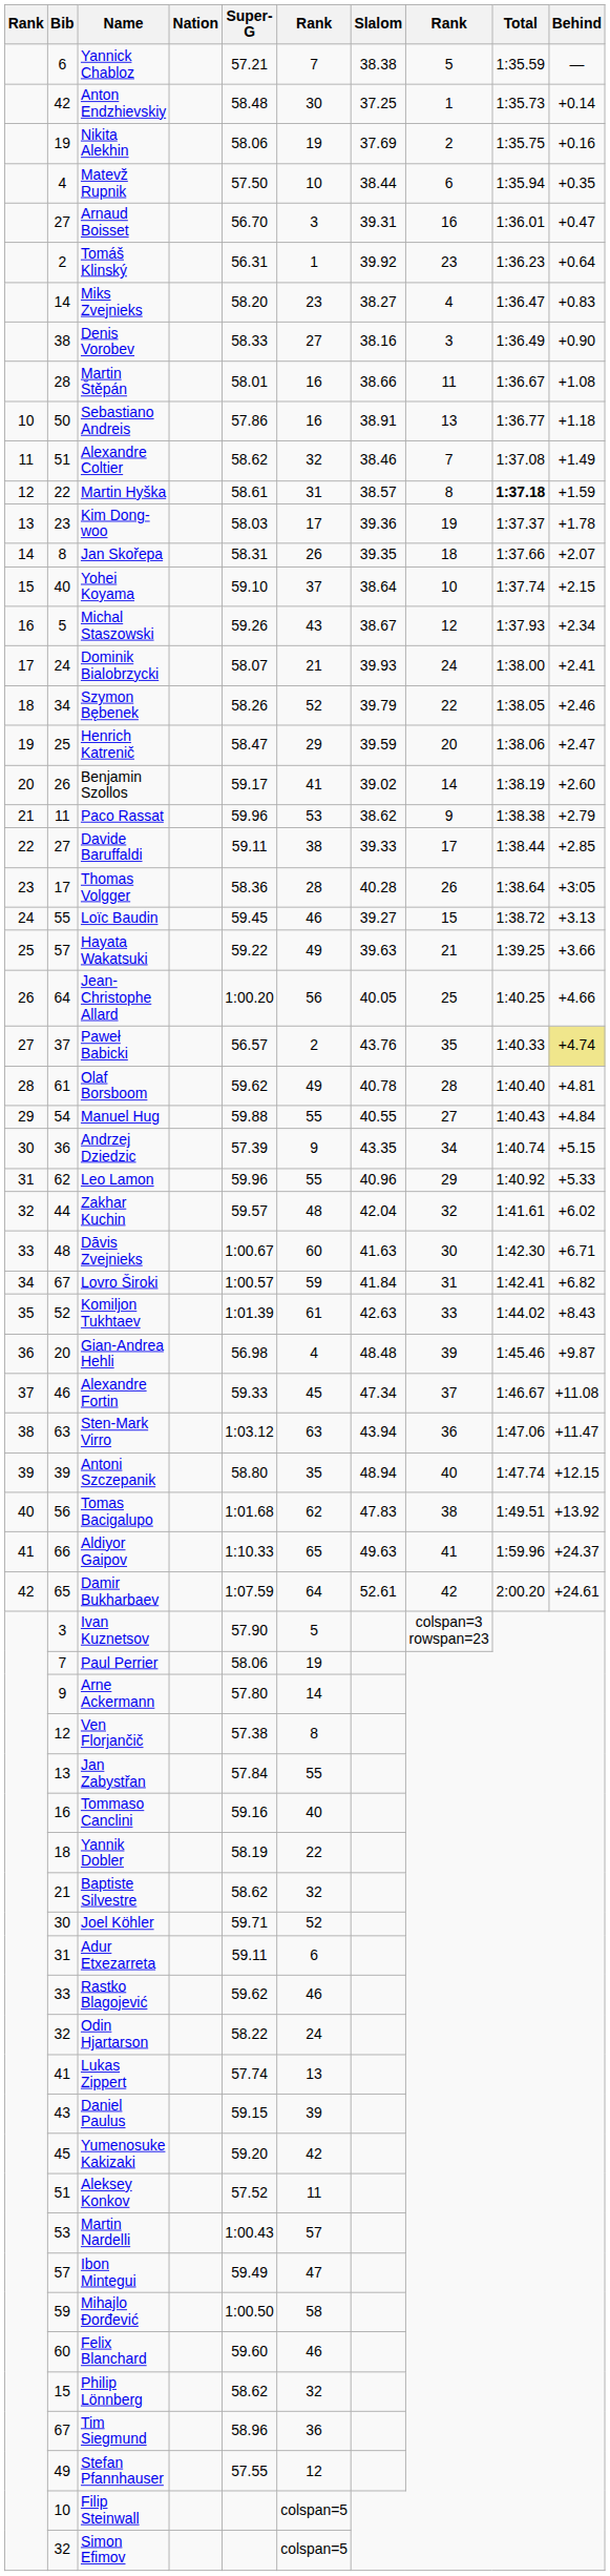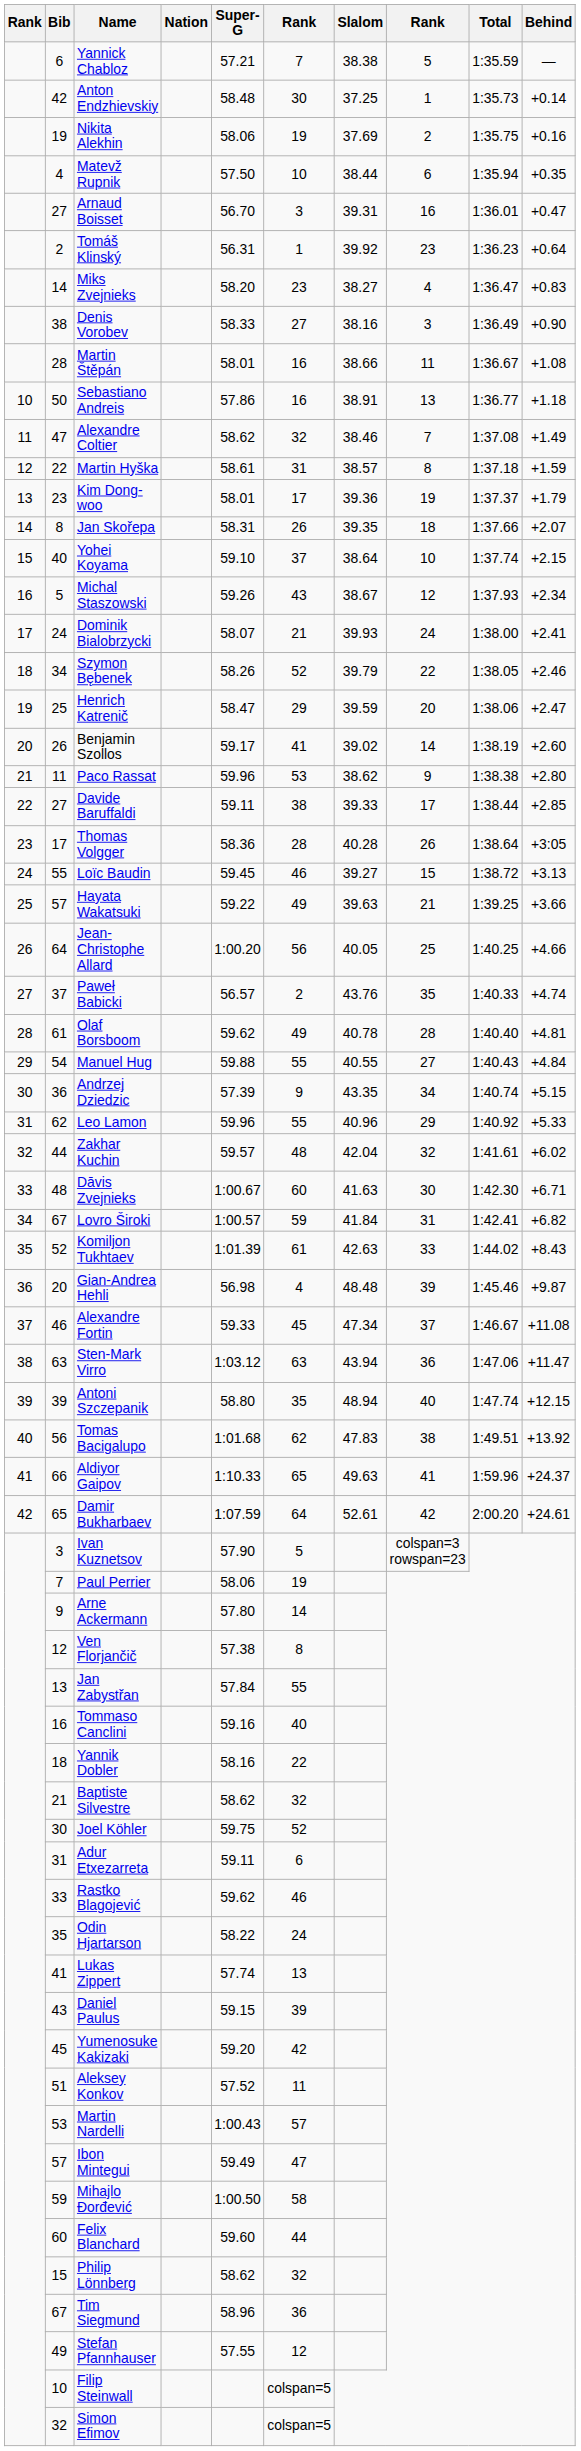 <table class="wikitable sortable" style="text-align:center">
 <tr>
 <th>Rank</th>
 <th>Bib</th>
 <th>Name</th>
 <th>Nation</th>
 <th>Super-G</th>
 <th>Rank</th>
 <th>Slalom</th>
 <th>Rank</th>
 <th>Total</th>
 <th>Behind</th>
 </tr>
 <tr>
 <td></td>
 <td>6</td>
 <td align=left><a href='#'>Yannick Chabloz</a></td>
 <td align=left></td>
 <td>57.21</td>
 <td>7</td>
 <td>38.38</td>
 <td>5</td>
 <td>1:35.59</td>
 <td>—</td>
 </tr>
 <tr>
 <td></td>
 <td>42</td>
 <td align=left><a href='#'>Anton Endzhievskiy</a></td>
 <td align=left></td>
 <td>58.48</td>
 <td>30</td>
 <td>37.25</td>
 <td>1</td>
 <td>1:35.73</td>
 <td>+0.14</td>
 </tr>
 <tr>
 <td></td>
 <td>19</td>
 <td align=left><a href='#'>Nikita Alekhin</a></td>
 <td align=left></td>
 <td>58.06</td>
 <td>19</td>
 <td>37.69</td>
 <td>2</td>
 <td>1:35.75</td>
 <td>+0.16</td>
 </tr>
 <tr>
 <td></td>
 <td>4</td>
 <td align=left><a href='#'>Matevž Rupnik</a></td>
 <td align=left></td>
 <td>57.50</td>
 <td>10</td>
 <td>38.44</td>
 <td>6</td>
 <td>1:35.94</td>
 <td>+0.35</td>
 </tr>
 <tr>
 <td></td>
 <td>27</td>
 <td align=left><a href='#'>Arnaud Boisset</a></td>
 <td align=left></td>
 <td>56.70</td>
 <td>3</td>
 <td>39.31</td>
 <td>16</td>
 <td>1:36.01</td>
 <td>+0.47</td>
 </tr>
 <tr>
 <td></td>
 <td>2</td>
 <td align=left><a href='#'>Tomáš Klinský</a></td>
 <td align=left></td>
 <td>56.31</td>
 <td>1</td>
 <td>39.92</td>
 <td>23</td>
 <td>1:36.23</td>
 <td>+0.64</td>
 </tr>
 <tr>
 <td></td>
 <td>14</td>
 <td align=left><a href='#'>Miks Zvejnieks</a></td>
 <td align=left></td>
 <td>58.20</td>
 <td>23</td>
 <td>38.27</td>
 <td>4</td>
 <td>1:36.47</td>
 <td>+0.83</td>
 </tr>
 <tr>
 <td></td>
 <td>38</td>
 <td align=left><a href='#'>Denis Vorobev</a></td>
 <td align=left></td>
 <td>58.33</td>
 <td>27</td>
 <td>38.16</td>
 <td>3</td>
 <td>1:36.49</td>
 <td>+0.90</td>
 </tr>
 <tr>
 <td></td>
 <td>28</td>
 <td align=left><a href='#'>Martin Štěpán</a></td>
 <td align=left></td>
 <td>58.01</td>
 <td>16</td>
 <td>38.66</td>
 <td>11</td>
 <td>1:36.67</td>
 <td>+1.08</td>
 </tr>
 <tr>
 <td>10</td>
 <td>50</td>
 <td align=left><a href='#'>Sebastiano Andreis</a></td>
 <td align=left></td>
 <td>57.86</td>
 <td>16</td>
 <td>38.91</td>
 <td>13</td>
 <td>1:36.77</td>
 <td>+1.18</td>
 </tr>
 <tr>
 <td>11</td>
-<td>51</td>
+<td>47</td>
 <td align=left><a href='#'>Alexandre Coltier</a></td>
 <td align=left></td>
 <td>58.62</td>
 <td>32</td>
 <td>38.46</td>
 <td>7</td>
 <td>1:37.08</td>
 <td>+1.49</td>
 </tr>
 <tr>
 <td>12</td>
 <td>22</td>
 <td align=left><a href='#'>Martin Hyška</a></td>
 <td align=left></td>
 <td>58.61</td>
 <td>31</td>
 <td>38.57</td>
 <td>8</td>
-<td><strong>1:37.18</strong></td>
+<td>1:37.18</td>
 <td>+1.59</td>
 </tr>
 <tr>
 <td>13</td>
 <td>23</td>
 <td align=left><a href='#'>Kim Dong-woo</a></td>
 <td align=left></td>
-<td>58.03</td>
+<td>58.01</td>
 <td>17</td>
 <td>39.36</td>
 <td>19</td>
 <td>1:37.37</td>
-<td>+1.78</td>
+<td>+1.79</td>
 </tr>
 <tr>
 <td>14</td>
 <td>8</td>
 <td align=left><a href='#'>Jan Skořepa</a></td>
 <td align=left></td>
 <td>58.31</td>
 <td>26</td>
 <td>39.35</td>
 <td>18</td>
 <td>1:37.66</td>
 <td>+2.07</td>
 </tr>
 <tr>
 <td>15</td>
 <td>40</td>
 <td align=left><a href='#'>Yohei Koyama</a></td>
 <td align=left></td>
 <td>59.10</td>
 <td>37</td>
 <td>38.64</td>
 <td>10</td>
 <td>1:37.74</td>
 <td>+2.15</td>
 </tr>
 <tr>
 <td>16</td>
 <td>5</td>
 <td align=left><a href='#'>Michal Staszowski</a></td>
 <td align=left></td>
 <td>59.26</td>
 <td>43</td>
 <td>38.67</td>
 <td>12</td>
 <td>1:37.93</td>
 <td>+2.34</td>
 </tr>
 <tr>
 <td>17</td>
 <td>24</td>
 <td align=left><a href='#'>Dominik Bialobrzycki</a></td>
 <td align=left></td>
 <td>58.07</td>
 <td>21</td>
 <td>39.93</td>
 <td>24</td>
 <td>1:38.00</td>
 <td>+2.41</td>
 </tr>
 <tr>
 <td>18</td>
 <td>34</td>
 <td align=left><a href='#'>Szymon Bębenek</a></td>
 <td align=left></td>
 <td>58.26</td>
 <td>52</td>
 <td>39.79</td>
 <td>22</td>
 <td>1:38.05</td>
 <td>+2.46</td>
 </tr>
 <tr>
 <td>19</td>
 <td>25</td>
 <td align=left><a href='#'>Henrich Katrenič</a></td>
 <td align=left></td>
 <td>58.47</td>
 <td>29</td>
 <td>39.59</td>
 <td>20</td>
 <td>1:38.06</td>
 <td>+2.47</td>
 </tr>
 <tr>
 <td>20</td>
 <td>26</td>
 <td align=left>Benjamin Szollos</td>
 <td align=left></td>
 <td>59.17</td>
 <td>41</td>
 <td>39.02</td>
 <td>14</td>
 <td>1:38.19</td>
 <td>+2.60</td>
 </tr>
 <tr>
 <td>21</td>
 <td>11</td>
 <td align=left><a href='#'>Paco Rassat</a></td>
 <td align=left></td>
 <td>59.96</td>
 <td>53</td>
 <td>38.62</td>
 <td>9</td>
 <td>1:38.38</td>
-<td>+2.79</td>
+<td>+2.80</td>
 </tr>
 <tr>
 <td>22</td>
 <td>27</td>
 <td align=left><a href='#'>Davide Baruffaldi</a></td>
 <td align=left></td>
 <td>59.11</td>
 <td>38</td>
 <td>39.33</td>
 <td>17</td>
 <td>1:38.44</td>
 <td>+2.85</td>
 </tr>
 <tr>
 <td>23</td>
 <td>17</td>
 <td align=left><a href='#'>Thomas Volgger</a></td>
 <td align=left></td>
 <td>58.36</td>
 <td>28</td>
 <td>40.28</td>
 <td>26</td>
 <td>1:38.64</td>
 <td>+3:05</td>
 </tr>
 <tr>
 <td>24</td>
 <td>55</td>
 <td align=left><a href='#'>Loïc Baudin</a></td>
 <td align=left></td>
 <td>59.45</td>
 <td>46</td>
 <td>39.27</td>
 <td>15</td>
 <td>1:38.72</td>
 <td>+3.13</td>
 </tr>
 <tr>
 <td>25</td>
 <td>57</td>
 <td align=left><a href='#'>Hayata Wakatsuki</a></td>
 <td align=left></td>
 <td>59.22</td>
 <td>49</td>
 <td>39.63</td>
 <td>21</td>
 <td>1:39.25</td>
 <td>+3.66</td>
 </tr>
 <tr>
 <td>26</td>
 <td>64</td>
 <td align=left><a href='#'>Jean-Christophe Allard</a></td>
 <td align=left></td>
 <td>1:00.20</td>
 <td>56</td>
 <td>40.05</td>
 <td>25</td>
 <td>1:40.25</td>
 <td>+4.66</td>
 </tr>
 <tr>
 <td>27</td>
 <td>37</td>
 <td align=left><a href='#'>Paweł Babicki</a></td>
 <td align=left></td>
 <td>56.57</td>
 <td>2</td>
 <td>43.76</td>
 <td>35</td>
 <td>1:40.33</td>
-<td style="background: khaki;">+4.74</td>
+<td>+4.74</td>
 </tr>
 <tr>
 <td>28</td>
 <td>61</td>
 <td align=left><a href='#'>Olaf Borsboom</a></td>
 <td align=left></td>
 <td>59.62</td>
 <td>49</td>
 <td>40.78</td>
 <td>28</td>
 <td>1:40.40</td>
 <td>+4.81</td>
 </tr>
 <tr>
 <td>29</td>
 <td>54</td>
 <td align=left><a href='#'>Manuel Hug</a></td>
 <td align=left></td>
 <td>59.88</td>
 <td>55</td>
 <td>40.55</td>
 <td>27</td>
 <td>1:40.43</td>
 <td>+4.84</td>
 </tr>
 <tr>
 <td>30</td>
 <td>36</td>
 <td align=left><a href='#'>Andrzej Dziedzic</a></td>
 <td align=left></td>
 <td>57.39</td>
 <td>9</td>
 <td>43.35</td>
 <td>34</td>
 <td>1:40.74</td>
 <td>+5.15</td>
 </tr>
 <tr>
 <td>31</td>
 <td>62</td>
 <td align=left><a href='#'>Leo Lamon</a></td>
 <td align=left></td>
 <td>59.96</td>
 <td>55</td>
 <td>40.96</td>
 <td>29</td>
 <td>1:40.92</td>
 <td>+5.33</td>
 </tr>
 <tr>
 <td>32</td>
 <td>44</td>
 <td align=left><a href='#'>Zakhar Kuchin</a></td>
 <td align=left></td>
 <td>59.57</td>
 <td>48</td>
 <td>42.04</td>
 <td>32</td>
 <td>1:41.61</td>
 <td>+6.02</td>
 </tr>
 <tr>
 <td>33</td>
 <td>48</td>
 <td align=left><a href='#'>Dāvis Zvejnieks</a></td>
 <td align=left></td>
 <td>1:00.67</td>
 <td>60</td>
 <td>41.63</td>
 <td>30</td>
 <td>1:42.30</td>
 <td>+6.71</td>
 </tr>
 <tr>
 <td>34</td>
 <td>67</td>
 <td align=left><a href='#'>Lovro Široki</a></td>
 <td align=left></td>
 <td>1:00.57</td>
 <td>59</td>
 <td>41.84</td>
 <td>31</td>
 <td>1:42.41</td>
 <td>+6.82</td>
 </tr>
 <tr>
 <td>35</td>
 <td>52</td>
 <td align=left><a href='#'>Komiljon Tukhtaev</a></td>
 <td align=left></td>
 <td>1:01.39</td>
 <td>61</td>
 <td>42.63</td>
 <td>33</td>
 <td>1:44.02</td>
 <td>+8.43</td>
 </tr>
 <tr>
 <td>36</td>
 <td>20</td>
 <td align=left><a href='#'>Gian-Andrea Hehli</a></td>
 <td align=left></td>
 <td>56.98</td>
 <td>4</td>
 <td>48.48</td>
 <td>39</td>
 <td>1:45.46</td>
 <td>+9.87</td>
 </tr>
 <tr>
 <td>37</td>
 <td>46</td>
 <td align=left><a href='#'>Alexandre Fortin</a></td>
 <td align=left></td>
 <td>59.33</td>
 <td>45</td>
 <td>47.34</td>
 <td>37</td>
 <td>1:46.67</td>
 <td>+11.08</td>
 </tr>
 <tr>
 <td>38</td>
 <td>63</td>
 <td align=left><a href='#'>Sten-Mark Virro</a></td>
 <td align=left></td>
 <td>1:03.12</td>
 <td>63</td>
 <td>43.94</td>
 <td>36</td>
 <td>1:47.06</td>
 <td>+11.47</td>
 </tr>
 <tr>
 <td>39</td>
 <td>39</td>
 <td align=left><a href='#'>Antoni Szczepanik</a></td>
 <td align=left></td>
 <td>58.80</td>
 <td>35</td>
 <td>48.94</td>
 <td>40</td>
 <td>1:47.74</td>
 <td>+12.15</td>
 </tr>
 <tr>
 <td>40</td>
 <td>56</td>
 <td align=left><a href='#'>Tomas Bacigalupo</a></td>
 <td align=left></td>
 <td>1:01.68</td>
 <td>62</td>
 <td>47.83</td>
 <td>38</td>
 <td>1:49.51</td>
 <td>+13.92</td>
 </tr>
 <tr>
 <td>41</td>
 <td>66</td>
 <td align=left><a href='#'>Aldiyor Gaipov</a></td>
 <td align=left></td>
 <td>1:10.33</td>
 <td>65</td>
 <td>49.63</td>
 <td>41</td>
 <td>1:59.96</td>
 <td>+24.37</td>
 </tr>
 <tr>
 <td>42</td>
 <td>65</td>
 <td align=left><a href='#'>Damir Bukharbaev</a></td>
 <td align=left></td>
 <td>1:07.59</td>
 <td>64</td>
 <td>52.61</td>
 <td>42</td>
 <td>2:00.20</td>
 <td>+24.61</td>
 </tr>
 <tr>
 <td rowspan=25></td>
 <td>3</td>
 <td align=left><a href='#'>Ivan Kuznetsov</a></td>
 <td align=left></td>
 <td>57.90</td>
 <td>5</td>
 <td></td>
 <td>colspan=3 rowspan=23 </td>
 </tr>
 <tr>
 <td>7</td>
 <td align=left><a href='#'>Paul Perrier</a></td>
 <td align=left></td>
 <td>58.06</td>
 <td>19</td>
 <td></td>
 </tr>
 <tr>
 <td>9</td>
 <td align=left><a href='#'>Arne Ackermann</a></td>
 <td align=left></td>
 <td>57.80</td>
 <td>14</td>
 <td></td>
 </tr>
 <tr>
 <td>12</td>
 <td align=left><a href='#'>Ven Florjančič</a></td>
 <td align=left></td>
 <td>57.38</td>
 <td>8</td>
 <td></td>
 </tr>
 <tr>
 <td>13</td>
 <td align=left><a href='#'>Jan Zabystřan</a></td>
 <td align=left></td>
 <td>57.84</td>
 <td>55</td>
 <td></td>
 </tr>
 <tr>
 <td>16</td>
 <td align=left><a href='#'>Tommaso Canclini</a></td>
 <td align=left></td>
 <td>59.16</td>
 <td>40</td>
 <td></td>
 </tr>
 <tr>
 <td>18</td>
 <td align=left><a href='#'>Yannik Dobler</a></td>
 <td align=left></td>
-<td>58.19</td>
+<td>58.16</td>
 <td>22</td>
 <td></td>
 </tr>
 <tr>
 <td>21</td>
 <td align=left><a href='#'>Baptiste Silvestre</a></td>
 <td align=left></td>
 <td>58.62</td>
 <td>32</td>
 <td></td>
 </tr>
 <tr>
 <td>30</td>
 <td align=left><a href='#'>Joel Köhler</a></td>
 <td align=left></td>
-<td>59.71</td>
+<td>59.75</td>
 <td>52</td>
 <td></td>
 </tr>
 <tr>
 <td>31</td>
 <td align=left><a href='#'>Adur Etxezarreta</a></td>
 <td align=left></td>
 <td>59.11</td>
 <td>6</td>
 <td></td>
 </tr>
 <tr>
 <td>33</td>
 <td align=left><a href='#'>Rastko Blagojević</a></td>
 <td align=left></td>
 <td>59.62</td>
 <td>46</td>
 <td></td>
 </tr>
 <tr>
-<td>32</td>
+<td>35</td>
 <td align=left><a href='#'>Odin Hjartarson</a></td>
 <td align=left></td>
 <td>58.22</td>
 <td>24</td>
 <td></td>
 </tr>
 <tr>
 <td>41</td>
 <td align=left><a href='#'>Lukas Zippert</a></td>
 <td align=left></td>
 <td>57.74</td>
 <td>13</td>
 <td></td>
 </tr>
 <tr>
 <td>43</td>
 <td align=left><a href='#'>Daniel Paulus</a></td>
 <td align=left></td>
 <td>59.15</td>
 <td>39</td>
 <td></td>
 </tr>
 <tr>
 <td>45</td>
 <td align=left><a href='#'>Yumenosuke Kakizaki</a></td>
 <td align=left></td>
 <td>59.20</td>
 <td>42</td>
 <td></td>
 </tr>
 <tr>
 <td>51</td>
 <td align=left><a href='#'>Aleksey Konkov</a></td>
 <td align=left></td>
 <td>57.52</td>
 <td>11</td>
 <td></td>
 </tr>
 <tr>
 <td>53</td>
 <td align=left><a href='#'>Martin Nardelli</a></td>
 <td align=left></td>
 <td>1:00.43</td>
 <td>57</td>
 <td></td>
 </tr>
 <tr>
 <td>57</td>
 <td align=left><a href='#'>Ibon Mintegui</a></td>
 <td align=left></td>
 <td>59.49</td>
 <td>47</td>
 <td></td>
 </tr>
 <tr>
 <td>59</td>
 <td align=left><a href='#'>Mihajlo Đorđević</a></td>
 <td align=left></td>
 <td>1:00.50</td>
 <td>58</td>
 <td></td>
 </tr>
 <tr>
 <td>60</td>
 <td align=left><a href='#'>Felix Blanchard</a></td>
 <td align=left></td>
 <td>59.60</td>
-<td>46</td>
+<td>44</td>
 <td></td>
 </tr>
 <tr>
 <td>15</td>
 <td align=left><a href='#'>Philip Lönnberg</a></td>
 <td align=left></td>
 <td>58.62</td>
 <td>32</td>
 <td></td>
 </tr>
 <tr>
 <td>67</td>
 <td align=left><a href='#'>Tim Siegmund</a></td>
 <td align=left></td>
 <td>58.96</td>
 <td>36</td>
 <td></td>
 </tr>
 <tr>
 <td>49</td>
 <td align=left><a href='#'>Stefan Pfannhauser</a></td>
 <td align=left></td>
 <td>57.55</td>
 <td>12</td>
 <td></td>
 </tr>
 <tr>
 <td>10</td>
 <td align=left><a href='#'>Filip Steinwall</a></td>
 <td align=left></td>
 <td></td>
 <td>colspan=5 </td>
 </tr>
 <tr>
 <td>32</td>
 <td align=left><a href='#'>Simon Efimov</a></td>
 <td align=left></td>
 <td></td>
 <td>colspan=5 </td>
 </tr>
 </table>
